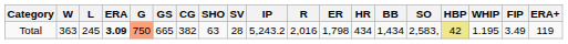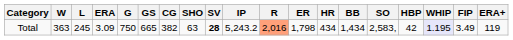 <table class="wikitable"  style="font-size: 95%; text-align:center;">
 <tr>
 <th>Category</th>
 <th>W</th>
 <th>L</th>
 <th>ERA</th>
 <th>G</th>
 <th>GS</th>
 <th>CG</th>
 <th>SHO</th>
 <th>SV</th>
 <th>IP</th>
 <th>R</th>
 <th>ER</th>
 <th>HR</th>
 <th>BB</th>
 <th>SO</th>
 <th>HBP</th>
 <th>WHIP</th>
 <th>FIP</th>
 <th>ERA+</th>
 </tr>
 <tr>
 <td>Total</td>
 <td>363</td>
 <td>245</td>
-<td><strong>3.09</strong></td>
-<td style="background: lightsalmon;">750</td>
+<td>3.09</td>
+<td>750</td>
 <td>665</td>
 <td>382</td>
 <td>63</td>
-<td>28</td>
+<td><strong>28</strong></td>
 <td>5,243.2</td>
-<td>2,016</td>
+<td style="background: lightsalmon;">2,016</td>
 <td>1,798</td>
 <td>434</td>
 <td>1,434</td>
 <td>2,583,</td>
-<td style="background: khaki;">42</td>
-<td>1.195</td>
+<td>42</td>
+<td style="background: lavender;">1.195</td>
 <td>3.49</td>
 <td>119</td>
 </tr>
 </table>
